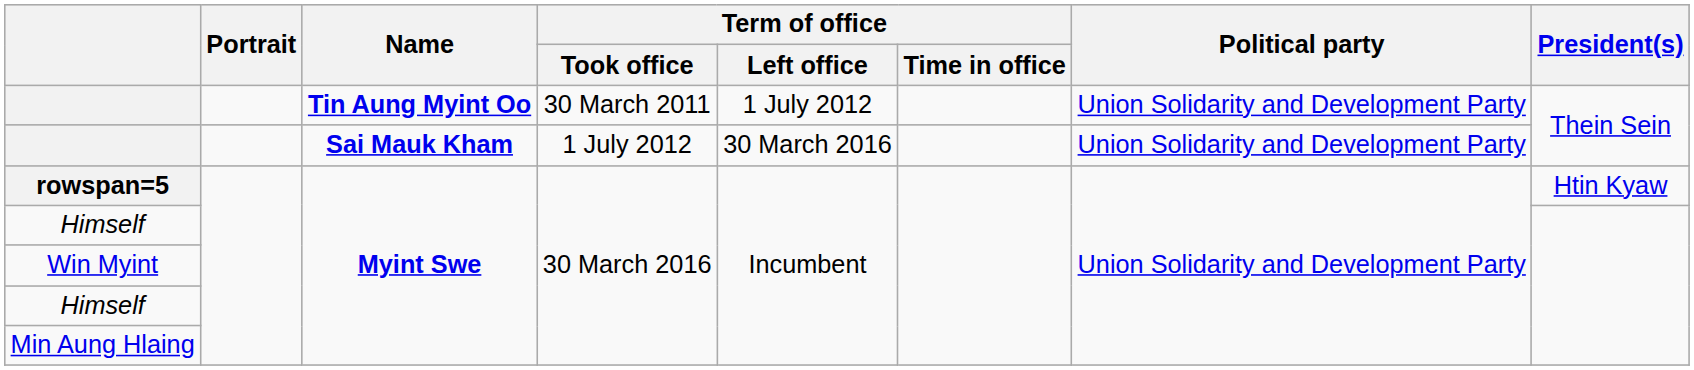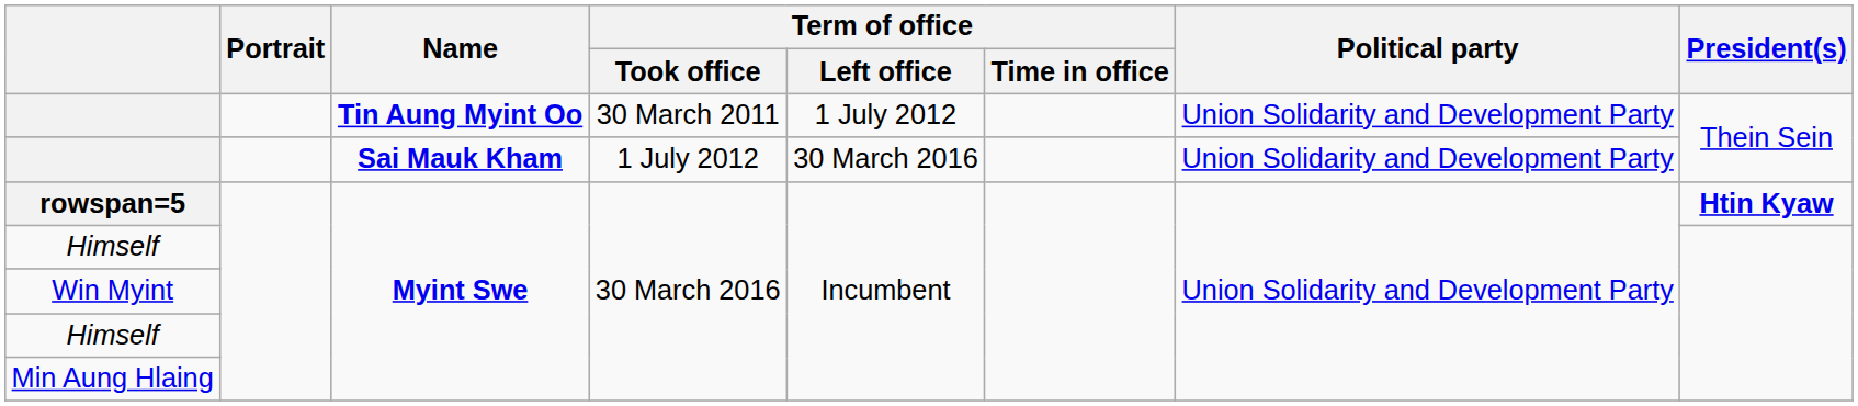 <table class="wikitable" style="text-align:center">
 <tr>
 <th rowspan=2></th>
 <th rowspan=2>Portrait</th>
 <th rowspan=2>Name<br></th>
 <th colspan=3>Term of office</th>
 <th rowspan=2>Political party</th>
 <th rowspan=2><a href='#'>President(s)</a></th>
 </tr>
 <tr>
 <th>Took office</th>
 <th>Left office</th>
 <th>Time in office</th>
 </tr>
 <tr>
 <th></th>
 <td></td>
 <td><strong><a href='#'>Tin Aung Myint Oo</a></strong><br></td>
 <td>30 March 2011</td>
 <td>1 July 2012 <br></td>
 <td></td>
 <td><a href='#'>Union Solidarity and Development Party</a></td>
 <td rowspan=2><a href='#'>Thein Sein</a></td>
 </tr>
 <tr>
 <th></th>
 <td></td>
 <td><strong><a href='#'>Sai Mauk Kham</a></strong><br></td>
 <td>1 July 2012</td>
 <td>30 March 2016</td>
 <td></td>
 <td><a href='#'>Union Solidarity and Development Party</a></td>
 </tr>
 <tr>
 <th>rowspan=5 </th>
 <td rowspan=5></td>
 <td rowspan=5><strong><a href='#'>Myint Swe</a></strong><br></td>
 <td rowspan=5>30 March 2016</td>
 <td rowspan=5>Incumbent</td>
 <td rowspan=5></td>
 <td rowspan=5><a href='#'>Union Solidarity and Development Party</a></td>
-<td><a href='#'>Htin Kyaw</a></td>
+<td><strong><a href='#'>Htin Kyaw</a></strong></td>
 </tr>
 <tr>
 <td><em>Himself</em></td>
 </tr>
 <tr>
 <td><a href='#'>Win Myint</a></td>
 </tr>
 <tr>
 <td><em>Himself</em></td>
 </tr>
 <tr>
 <td><a href='#'>Min Aung Hlaing</a></td>
 </tr>
 </table>
